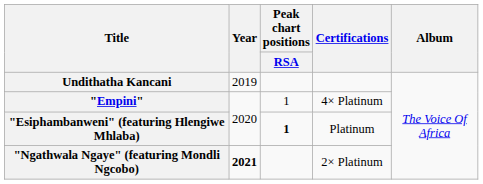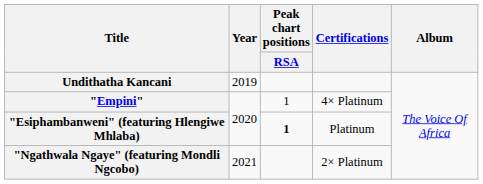 <table class="wikitable plainrowheaders" style="text-align:center;">
 <tr>
 <th scope="col" rowspan="2">Title</th>
 <th scope="col" rowspan="2">Year</th>
 <th scope="col" colspan="1">Peak chart positions</th>
 <th scope="col" rowspan="2"><a href='#'>Certifications</a></th>
 <th scope="col" rowspan="2">Album</th>
 </tr>
 <tr>
 <th scope="col" style="width:3em;font-size:100%;"><a href='#'>RSA</a><br></th>
 </tr>
 <tr>
 <th scope="row">Undithatha Kancani</th>
 <td>2019</td>
 <td></td>
 <td></td>
 <td rowspan="4"><em><a href='#'>The Voice Of Africa</a></em></td>
 </tr>
 <tr>
 <th scope="row">"<a href='#'>Empini</a>"</th>
 <td rowspan="2">2020</td>
 <td>1</td>
 <td>4× Platinum</td>
 </tr>
 <tr>
 <th scope="row">"Esiphambanweni" (featuring Hlengiwe Mhlaba)</th>
 <td><strong>1</strong></td>
 <td>Platinum</td>
 </tr>
 <tr>
 <th scope="row">"Ngathwala Ngaye" (featuring Mondli Ngcobo)</th>
-<td><strong>2021</strong></td>
+<td>2021</td>
 <td></td>
 <td>2× Platinum</td>
 </tr>
 </table>
